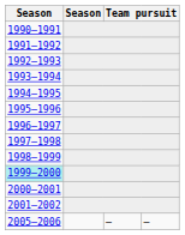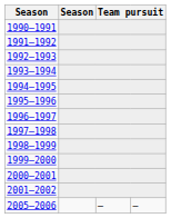 <table class="wikitable" style="display: inline-table">
 <tr>
 <th>Season</th>
 <th>Season</th>
 <th colspan="3">Team pursuit</th>
 </tr>
 <tr>
 <td><a href='#'>1990–1991</a></td>
 <td colspan="3" bgcolor=#EEEEEE></td>
 </tr>
 <tr>
 <td><a href='#'>1991–1992</a></td>
 <td colspan="3" bgcolor=#EEEEEE></td>
 </tr>
 <tr>
 <td><a href='#'>1992–1993</a></td>
 <td colspan="3" bgcolor=#EEEEEE></td>
 </tr>
 <tr>
 <td><a href='#'>1993–1994</a></td>
 <td colspan="3" bgcolor=#EEEEEE></td>
 </tr>
 <tr>
 <td><a href='#'>1994–1995</a></td>
 <td colspan="3" bgcolor=#EEEEEE></td>
 </tr>
 <tr>
 <td><a href='#'>1995–1996</a></td>
 <td colspan="3" bgcolor=#EEEEEE></td>
 </tr>
 <tr>
 <td><a href='#'>1996–1997</a></td>
 <td colspan="3" bgcolor=#EEEEEE></td>
 </tr>
 <tr>
 <td><a href='#'>1997–1998</a></td>
 <td colspan="3" bgcolor=#EEEEEE></td>
 </tr>
 <tr>
 <td><a href='#'>1998–1999</a></td>
 <td colspan="3" bgcolor=#EEEEEE></td>
 </tr>
 <tr>
-<td style="background: paleturquoise;"><a href='#'>1999–2000</a></td>
+<td><a href='#'>1999–2000</a></td>
 <td colspan="3" bgcolor=#EEEEEE></td>
 </tr>
 <tr>
 <td><a href='#'>2000–2001</a></td>
 <td colspan="3" bgcolor=#EEEEEE></td>
 </tr>
 <tr>
 <td><a href='#'>2001–2002</a></td>
 <td colspan="3" bgcolor=#EEEEEE></td>
 </tr>
 <tr>
 <td><a href='#'>2005–2006</a></td>
 <td></td>
 <td>–</td>
 <td>–</td>
 </tr>
 </table>
